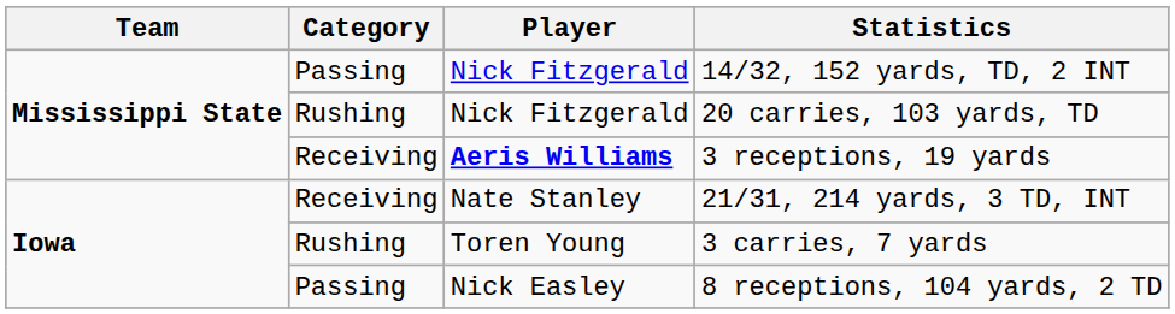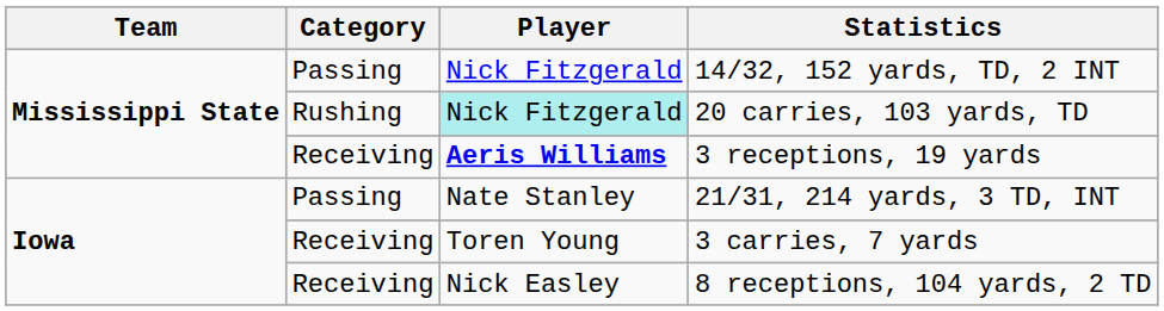 <table class="wikitable" style="float: left;">
 <tr>
 <th>Team</th>
 <th>Category</th>
 <th>Player</th>
 <th>Statistics</th>
 </tr>
 <tr>
 <td rowspan=3><strong>Mississippi State</strong></td>
 <td>Passing</td>
 <td><a href='#'>Nick Fitzgerald</a></td>
 <td>14/32, 152 yards, TD, 2 INT</td>
 </tr>
 <tr>
 <td>Rushing</td>
-<td>Nick Fitzgerald</td>
+<td style="background: paleturquoise;">Nick Fitzgerald</td>
 <td>20 carries, 103 yards, TD</td>
 </tr>
 <tr>
 <td>Receiving</td>
 <td><strong><a href='#'>Aeris Williams</a></strong></td>
 <td>3 receptions, 19 yards</td>
 </tr>
 <tr>
 <td rowspan=3><strong>Iowa</strong></td>
-<td>Receiving</td>
+<td>Passing</td>
 <td>Nate Stanley</td>
 <td>21/31, 214 yards, 3 TD, INT</td>
 </tr>
 <tr>
-<td>Rushing</td>
+<td>Receiving</td>
 <td>Toren Young</td>
 <td>3 carries, 7 yards</td>
 </tr>
 <tr>
-<td>Passing</td>
+<td>Receiving</td>
 <td>Nick Easley</td>
 <td>8 receptions, 104 yards, 2 TD</td>
 </tr>
 </table>
